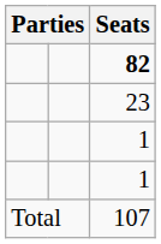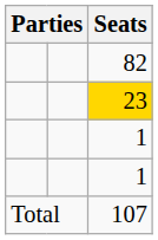 <table class="wikitable" style="text-align:left;">
 <tr>
 <th colspan="2" style="text-align:left;">Parties</th>
 <th>Seats</th>
 </tr>
 <tr>
 <td></td>
 <td></td>
-<td style="text-align:right;"><strong>82</strong></td>
+<td style="text-align:right;">82</td>
 </tr>
 <tr>
 <td></td>
 <td></td>
-<td style="text-align:right;">23</td>
+<td style="background: gold; text-align:right;">23</td>
 </tr>
 <tr>
 <td></td>
 <td></td>
 <td style="text-align:right;">1</td>
 </tr>
 <tr>
 <td></td>
 <td></td>
 <td style="text-align:right;">1</td>
 </tr>
 <tr>
 <td colspan="2" style="text-align:left;">Total</td>
 <td style="text-align:right;">107</td>
 </tr>
 </table>
